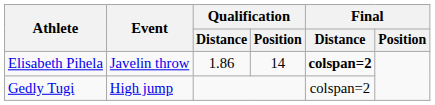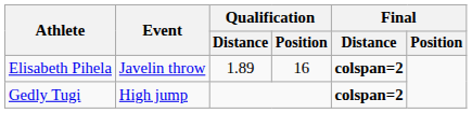 <table class=wikitable style=font-size:90%>
 <tr>
 <th rowspan=2>Athlete</th>
 <th rowspan=2>Event</th>
 <th colspan=2>Qualification</th>
 <th colspan=2>Final</th>
 </tr>
 <tr style=font-size:95%>
 <th>Distance</th>
 <th>Position</th>
 <th>Distance</th>
 <th>Position</th>
 </tr>
 <tr align=center>
 <td align=left><a href='#'>Elisabeth Pihela</a></td>
 <td align=left><a href='#'>Javelin throw</a></td>
-<td>1.86</td>
-<td>14</td>
+<td>1.89</td>
+<td>16</td>
 <td><strong>colspan=2 </strong></td>
 </tr>
 <tr align=center>
 <td align=left><a href='#'>Gedly Tugi</a></td>
 <td align=left><a href='#'>High jump</a></td>
 <td colspan=2></td>
-<td>colspan=2 </td>
+<td><strong>colspan=2 </strong></td>
 </tr>
 </table>
